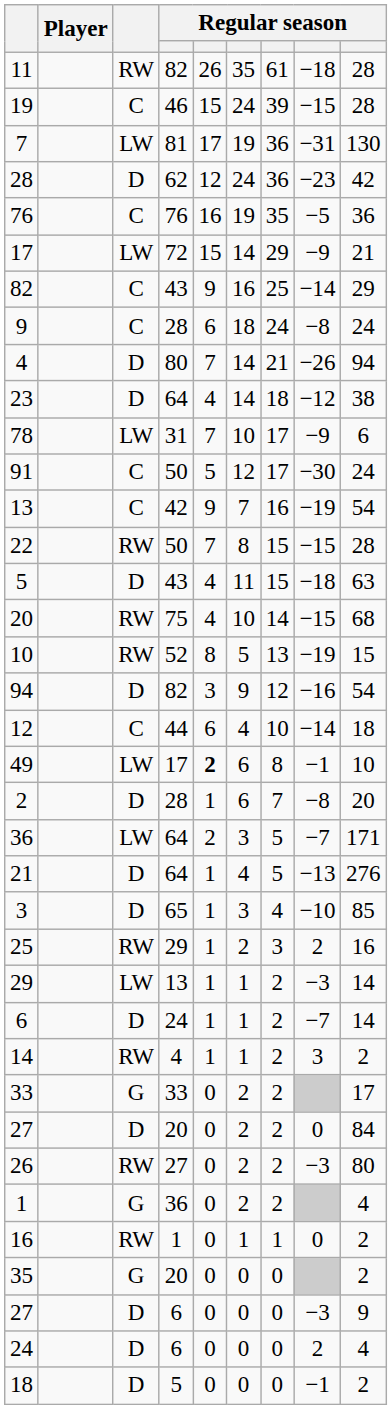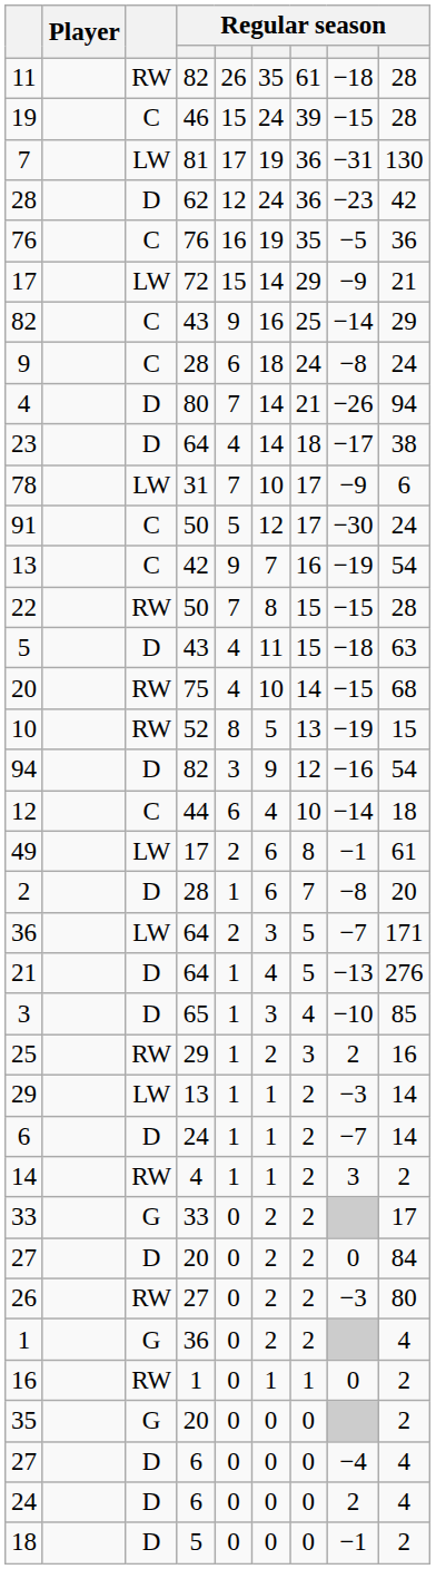 <table class="wikitable sortable plainrowheaders" style="text-align:center;">
 <tr>
 <th scope="col" data-sort-type="number" rowspan="2"></th>
 <th scope="col" rowspan="2">Player</th>
 <th scope="col" rowspan="2"></th>
 <th scope=colgroup colspan=6>Regular season</th>
 </tr>
 <tr>
 <th scope="col" data-sort-type="number"></th>
 <th scope="col" data-sort-type="number"></th>
 <th scope="col" data-sort-type="number"></th>
 <th scope="col" data-sort-type="number"></th>
 <th scope="col" data-sort-type="number"></th>
 <th scope="col" data-sort-type="number"></th>
 </tr>
 <tr>
 <td scope="row">11</td>
 <td align="left"></td>
 <td>RW</td>
 <td>82</td>
 <td>26</td>
 <td>35</td>
 <td>61</td>
 <td>−18</td>
 <td>28</td>
 </tr>
 <tr>
 <td scope="row">19</td>
 <td align="left"></td>
 <td>C</td>
 <td>46</td>
 <td>15</td>
 <td>24</td>
 <td>39</td>
 <td>−15</td>
 <td>28</td>
 </tr>
 <tr>
 <td scope="row">7</td>
 <td align="left"></td>
 <td>LW</td>
 <td>81</td>
 <td>17</td>
 <td>19</td>
 <td>36</td>
 <td>−31</td>
 <td>130</td>
 </tr>
 <tr>
 <td scope="row">28</td>
 <td align="left"></td>
 <td>D</td>
 <td>62</td>
 <td>12</td>
 <td>24</td>
 <td>36</td>
 <td>−23</td>
 <td>42</td>
 </tr>
 <tr>
 <td scope="row">76</td>
 <td align="left"></td>
 <td>C</td>
 <td>76</td>
 <td>16</td>
 <td>19</td>
 <td>35</td>
 <td>−5</td>
 <td>36</td>
 </tr>
 <tr>
 <td scope="row">17</td>
 <td align="left"></td>
 <td>LW</td>
 <td>72</td>
 <td>15</td>
 <td>14</td>
 <td>29</td>
 <td>−9</td>
 <td>21</td>
 </tr>
 <tr>
 <td scope="row">82</td>
 <td align="left"></td>
 <td>C</td>
 <td>43</td>
 <td>9</td>
 <td>16</td>
 <td>25</td>
 <td>−14</td>
 <td>29</td>
 </tr>
 <tr>
 <td scope="row">9</td>
 <td align="left"></td>
 <td>C</td>
 <td>28</td>
 <td>6</td>
 <td>18</td>
 <td>24</td>
 <td>−8</td>
 <td>24</td>
 </tr>
 <tr>
 <td scope="row">4</td>
 <td align="left"></td>
 <td>D</td>
 <td>80</td>
 <td>7</td>
 <td>14</td>
 <td>21</td>
 <td>−26</td>
 <td>94</td>
 </tr>
 <tr>
 <td scope="row">23</td>
 <td align="left"></td>
 <td>D</td>
 <td>64</td>
 <td>4</td>
 <td>14</td>
 <td>18</td>
-<td>−12</td>
+<td>−17</td>
 <td>38</td>
 </tr>
 <tr>
 <td scope="row">78</td>
 <td align="left"></td>
 <td>LW</td>
 <td>31</td>
 <td>7</td>
 <td>10</td>
 <td>17</td>
 <td>−9</td>
 <td>6</td>
 </tr>
 <tr>
 <td scope="row">91</td>
 <td align="left"></td>
 <td>C</td>
 <td>50</td>
 <td>5</td>
 <td>12</td>
 <td>17</td>
 <td>−30</td>
 <td>24</td>
 </tr>
 <tr>
 <td scope="row">13</td>
 <td align="left"></td>
 <td>C</td>
 <td>42</td>
 <td>9</td>
 <td>7</td>
 <td>16</td>
 <td>−19</td>
 <td>54</td>
 </tr>
 <tr>
 <td scope="row">22</td>
 <td align="left"></td>
 <td>RW</td>
 <td>50</td>
 <td>7</td>
 <td>8</td>
 <td>15</td>
 <td>−15</td>
 <td>28</td>
 </tr>
 <tr>
 <td scope="row">5</td>
 <td align="left"></td>
 <td>D</td>
 <td>43</td>
 <td>4</td>
 <td>11</td>
 <td>15</td>
 <td>−18</td>
 <td>63</td>
 </tr>
 <tr>
 <td scope="row">20</td>
 <td align="left"></td>
 <td>RW</td>
 <td>75</td>
 <td>4</td>
 <td>10</td>
 <td>14</td>
 <td>−15</td>
 <td>68</td>
 </tr>
 <tr>
 <td scope="row">10</td>
 <td align="left"></td>
 <td>RW</td>
 <td>52</td>
 <td>8</td>
 <td>5</td>
 <td>13</td>
 <td>−19</td>
 <td>15</td>
 </tr>
 <tr>
 <td scope="row">94</td>
 <td align="left"></td>
 <td>D</td>
 <td>82</td>
 <td>3</td>
 <td>9</td>
 <td>12</td>
 <td>−16</td>
 <td>54</td>
 </tr>
 <tr>
 <td scope="row">12</td>
 <td align="left"></td>
 <td>C</td>
 <td>44</td>
 <td>6</td>
 <td>4</td>
 <td>10</td>
 <td>−14</td>
 <td>18</td>
 </tr>
 <tr>
 <td scope="row">49</td>
 <td align="left"></td>
 <td>LW</td>
 <td>17</td>
-<td><strong>2</strong></td>
+<td>2</td>
 <td>6</td>
 <td>8</td>
 <td>−1</td>
-<td>10</td>
+<td>61</td>
 </tr>
 <tr>
 <td scope="row">2</td>
 <td align="left"></td>
 <td>D</td>
 <td>28</td>
 <td>1</td>
 <td>6</td>
 <td>7</td>
 <td>−8</td>
 <td>20</td>
 </tr>
 <tr>
 <td scope="row">36</td>
 <td align="left"></td>
 <td>LW</td>
 <td>64</td>
 <td>2</td>
 <td>3</td>
 <td>5</td>
 <td>−7</td>
 <td>171</td>
 </tr>
 <tr>
 <td scope="row">21</td>
 <td align="left"></td>
 <td>D</td>
 <td>64</td>
 <td>1</td>
 <td>4</td>
 <td>5</td>
 <td>−13</td>
 <td>276</td>
 </tr>
 <tr>
 <td scope="row">3</td>
 <td align="left"></td>
 <td>D</td>
 <td>65</td>
 <td>1</td>
 <td>3</td>
 <td>4</td>
 <td>−10</td>
 <td>85</td>
 </tr>
 <tr>
 <td scope="row">25</td>
 <td align="left"></td>
 <td>RW</td>
 <td>29</td>
 <td>1</td>
 <td>2</td>
 <td>3</td>
 <td>2</td>
 <td>16</td>
 </tr>
 <tr>
 <td scope="row">29</td>
 <td align="left"></td>
 <td>LW</td>
 <td>13</td>
 <td>1</td>
 <td>1</td>
 <td>2</td>
 <td>−3</td>
 <td>14</td>
 </tr>
 <tr>
 <td scope="row">6</td>
 <td align="left"></td>
 <td>D</td>
 <td>24</td>
 <td>1</td>
 <td>1</td>
 <td>2</td>
 <td>−7</td>
 <td>14</td>
 </tr>
 <tr>
 <td scope="row">14</td>
 <td align="left"></td>
 <td>RW</td>
 <td>4</td>
 <td>1</td>
 <td>1</td>
 <td>2</td>
 <td>3</td>
 <td>2</td>
 </tr>
 <tr>
 <td scope="row">33</td>
 <td align="left"></td>
 <td>G</td>
 <td>33</td>
 <td>0</td>
 <td>2</td>
 <td>2</td>
 <td style="background:#ccc"></td>
 <td>17</td>
 </tr>
 <tr>
 <td scope="row">27</td>
 <td align="left"></td>
 <td>D</td>
 <td>20</td>
 <td>0</td>
 <td>2</td>
 <td>2</td>
 <td>0</td>
 <td>84</td>
 </tr>
 <tr>
 <td scope="row">26</td>
 <td align="left"></td>
 <td>RW</td>
 <td>27</td>
 <td>0</td>
 <td>2</td>
 <td>2</td>
 <td>−3</td>
 <td>80</td>
 </tr>
 <tr>
 <td scope="row">1</td>
 <td align="left"></td>
 <td>G</td>
 <td>36</td>
 <td>0</td>
 <td>2</td>
 <td>2</td>
 <td style="background:#ccc"></td>
 <td>4</td>
 </tr>
 <tr>
 <td scope="row">16</td>
 <td align="left"></td>
 <td>RW</td>
 <td>1</td>
 <td>0</td>
 <td>1</td>
 <td>1</td>
 <td>0</td>
 <td>2</td>
 </tr>
 <tr>
 <td scope="row">35</td>
 <td align="left"></td>
 <td>G</td>
 <td>20</td>
 <td>0</td>
 <td>0</td>
 <td>0</td>
 <td style="background:#ccc"></td>
 <td>2</td>
 </tr>
 <tr>
 <td scope="row">27</td>
 <td align="left"></td>
 <td>D</td>
 <td>6</td>
 <td>0</td>
 <td>0</td>
 <td>0</td>
-<td>−3</td>
-<td>9</td>
+<td>−4</td>
+<td>4</td>
 </tr>
 <tr>
 <td scope="row">24</td>
 <td align="left"></td>
 <td>D</td>
 <td>6</td>
 <td>0</td>
 <td>0</td>
 <td>0</td>
 <td>2</td>
 <td>4</td>
 </tr>
 <tr>
 <td scope="row">18</td>
 <td align="left"></td>
 <td>D</td>
 <td>5</td>
 <td>0</td>
 <td>0</td>
 <td>0</td>
 <td>−1</td>
 <td>2</td>
 </tr>
 </table>
